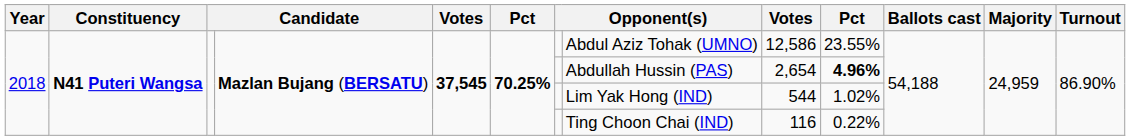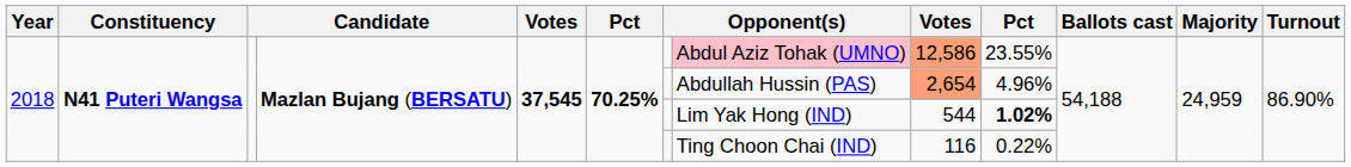 <table class="wikitable" style="margin:0.5em ; font-size:95%">
 <tr>
 <th>Year</th>
 <th>Constituency</th>
 <th colspan=2>Candidate</th>
 <th>Votes</th>
 <th>Pct</th>
 <th colspan=2>Opponent(s)</th>
 <th>Votes</th>
 <th>Pct</th>
 <th>Ballots cast</th>
 <th>Majority</th>
 <th>Turnout</th>
 </tr>
 <tr>
 <td rowspan=4><a href='#'>2018</a></td>
 <td rowspan=4><strong>N41 <a href='#'>Puteri Wangsa</a></strong></td>
 <td rowspan=4 ></td>
 <td rowspan=4><strong>Mazlan Bujang</strong> (<a href='#'><strong>BERSATU</strong></a>)</td>
 <td rowspan=4 align="right"><strong>37,545</strong></td>
 <td rowspan=4><strong>70.25%</strong></td>
 <td></td>
-<td>Abdul Aziz Tohak (<a href='#'>UMNO</a>)</td>
-<td align="right">12,586</td>
+<td style="background: pink;">Abdul Aziz Tohak (<a href='#'>UMNO</a>)</td>
+<td align="right" style="background: lightsalmon;">12,586</td>
 <td>23.55%</td>
 <td rowspan=4>54,188</td>
 <td rowspan=4>24,959</td>
 <td rowspan=4>86.90%</td>
 </tr>
 <tr>
 <td></td>
 <td>Abdullah Hussin (<a href='#'>PAS</a>)</td>
-<td align="right">2,654</td>
-<td align="right"><strong>4.96%</strong></td>
+<td align="right" style="background: lightsalmon;">2,654</td>
+<td align="right">4.96%</td>
 </tr>
 <tr>
 <td></td>
 <td>Lim Yak Hong (<a href='#'>IND</a>)</td>
 <td align="right">544</td>
-<td align="right">1.02%</td>
+<td align="right"><strong>1.02%</strong></td>
 </tr>
 <tr>
 <td></td>
 <td>Ting Choon Chai (<a href='#'>IND</a>)</td>
 <td align="right">116</td>
 <td align="right">0.22%</td>
 </tr>
 </table>
